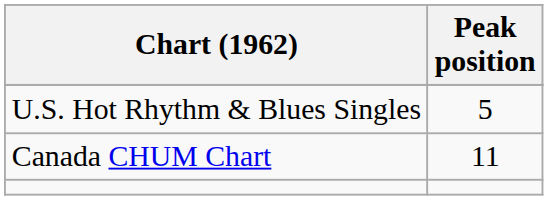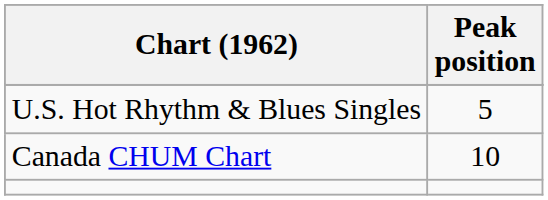 <table class="wikitable sortable">
 <tr>
 <th align="left">Chart (1962)</th>
 <th align="center">Peak<br>position</th>
 </tr>
 <tr>
 </tr>
 <tr>
 </tr>
 <tr>
 <td align="left">U.S. Hot Rhythm & Blues Singles</td>
 <td align="center">5</td>
 </tr>
 <tr>
 <td align="left">Canada <a href='#'>CHUM Chart</a></td>
-<td align="center">11</td>
+<td align="center">10</td>
 </tr>
 <tr>
 <td></td>
 </tr>
 </table>
